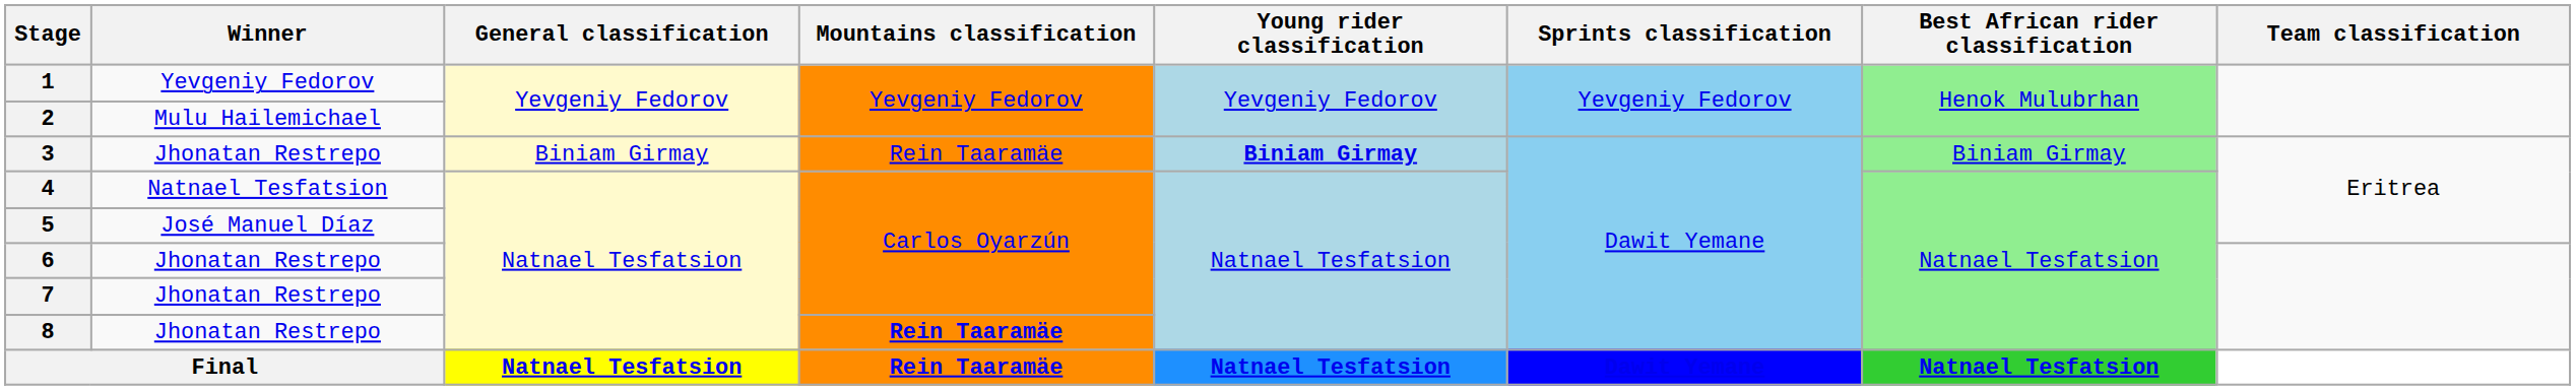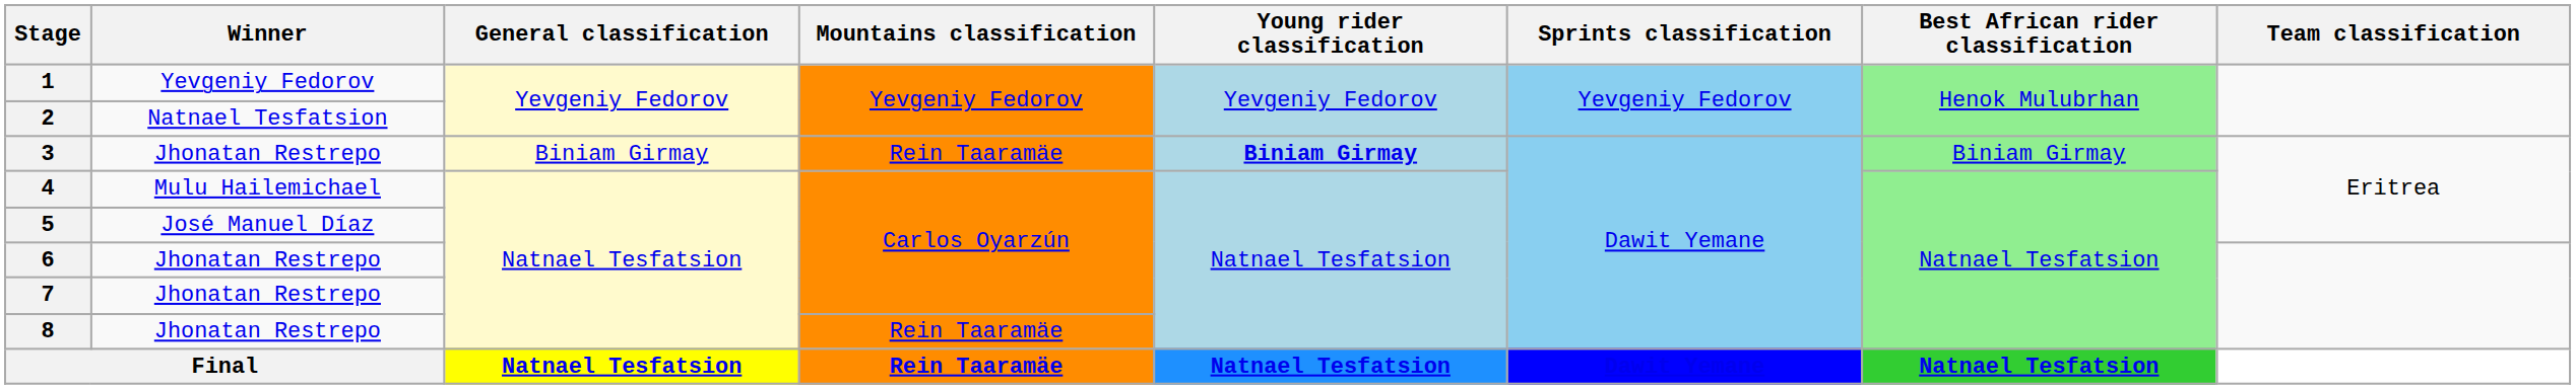 <table class="wikitable" width="99%" style="text-align: center; font-size:smaller;">
 <tr>
 <th width="2%">Stage</th>
 <th width="12%">Winner</th>
 <th style="background:efefef;" width="12%">General classification<br></th>
 <th style="background:efefef;" width="12%">Mountains classification<br></th>
 <th style="background:efefef;" width="12%">Young rider classification<br></th>
 <th style="background:efefef;" width="12%">Sprints classification<br></th>
 <th style="background:efefef;" width="12%">Best African rider classification<br></th>
 <th style="background:efefef;" width="12%">Team classification<br></th>
 </tr>
 <tr>
 <th>1</th>
 <td><a href='#'>Yevgeniy Fedorov</a></td>
 <td style="background:LemonChiffon;" rowspan="2"><a href='#'>Yevgeniy Fedorov</a></td>
 <td style="background:#FF8C00;" rowspan="2"><a href='#'>Yevgeniy Fedorov</a></td>
 <td style="background:lightblue;" rowspan="2"><a href='#'>Yevgeniy Fedorov</a></td>
 <td style="background:#89CFF0;" rowspan="2"><a href='#'>Yevgeniy Fedorov</a></td>
 <td style="background:lightgreen;" rowspan="2"><a href='#'>Henok Mulubrhan</a></td>
 <td rowspan="2"></td>
 </tr>
 <tr>
 <th>2</th>
-<td><a href='#'>Mulu Hailemichael</a></td>
+<td><a href='#'>Natnael Tesfatsion</a></td>
 </tr>
 <tr>
 <th>3</th>
 <td><a href='#'>Jhonatan Restrepo</a></td>
 <td style="background:LemonChiffon;"><a href='#'>Biniam Girmay</a></td>
 <td style="background:#FF8C00;"><a href='#'>Rein Taaramäe</a></td>
 <td style="background:lightblue;"><strong><a href='#'>Biniam Girmay</a></strong></td>
 <td style="background:#89CFF0;" rowspan="6"><a href='#'>Dawit Yemane</a></td>
 <td style="background:lightgreen;"><a href='#'>Biniam Girmay</a></td>
 <td rowspan="3">Eritrea</td>
 </tr>
 <tr>
 <th>4</th>
-<td><a href='#'>Natnael Tesfatsion</a></td>
+<td><a href='#'>Mulu Hailemichael</a></td>
 <td style="background:LemonChiffon;" rowspan="5"><a href='#'>Natnael Tesfatsion</a></td>
 <td style="background:#FF8C00;" rowspan="4"><a href='#'>Carlos Oyarzún</a></td>
 <td style="background:lightblue;" rowspan="5"><a href='#'>Natnael Tesfatsion</a></td>
 <td style="background:lightgreen;" rowspan="5"><a href='#'>Natnael Tesfatsion</a></td>
 </tr>
 <tr>
 <th>5</th>
 <td><a href='#'>José Manuel Díaz</a></td>
 </tr>
 <tr>
 <th>6</th>
 <td><a href='#'>Jhonatan Restrepo</a></td>
 <td rowspan="3"></td>
 </tr>
 <tr>
 <th>7</th>
 <td><a href='#'>Jhonatan Restrepo</a></td>
 </tr>
 <tr>
 <th>8</th>
 <td><a href='#'>Jhonatan Restrepo</a></td>
-<td style="background:#FF8C00;"><strong><a href='#'>Rein Taaramäe</a></strong></td>
+<td style="background:#FF8C00;"><a href='#'>Rein Taaramäe</a></td>
 </tr>
 <tr>
 <th colspan="2">Final</th>
 <th style="background:yellow;"><a href='#'>Natnael Tesfatsion</a></th>
 <th style="background:#FF8C00;"><a href='#'>Rein Taaramäe</a></th>
 <th style="background:dodgerblue; color:white;"><a href='#'>Natnael Tesfatsion</a></th>
 <th style="background:blue; color:white;"><a href='#'>Dawit Yemane</a></th>
 <th style="background:limegreen;"><a href='#'>Natnael Tesfatsion</a></th>
 <th style="background:white;"></th>
 </tr>
 </table>
